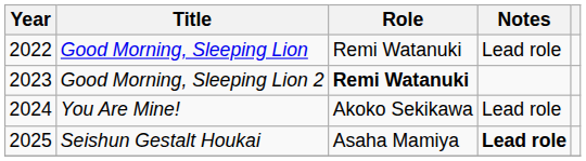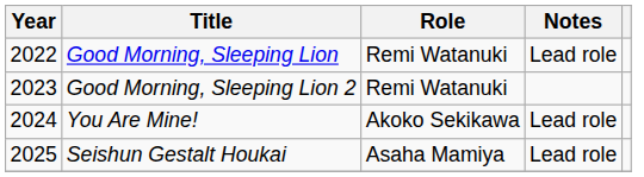 <table class="wikitable">
 <tr>
 <th>Year</th>
 <th>Title</th>
 <th>Role</th>
 <th>Notes</th>
 <th></th>
 </tr>
 <tr>
 <td>2022</td>
 <td><em><a href='#'>Good Morning, Sleeping Lion</a></em></td>
 <td>Remi Watanuki</td>
 <td>Lead role</td>
 <td></td>
 </tr>
 <tr>
 <td>2023</td>
 <td><em>Good Morning, Sleeping Lion 2</em></td>
-<td><strong>Remi Watanuki</strong></td>
+<td>Remi Watanuki</td>
 <td></td>
 <td></td>
 </tr>
 <tr>
 <td>2024</td>
 <td><em>You Are Mine!</em></td>
 <td>Akoko Sekikawa</td>
 <td>Lead role</td>
 <td></td>
 </tr>
 <tr>
 <td>2025</td>
 <td><em>Seishun Gestalt Houkai</em></td>
 <td>Asaha Mamiya</td>
-<td><strong>Lead role</strong></td>
+<td>Lead role</td>
 <td></td>
 </tr>
 <tr>
 </tr>
 </table>
